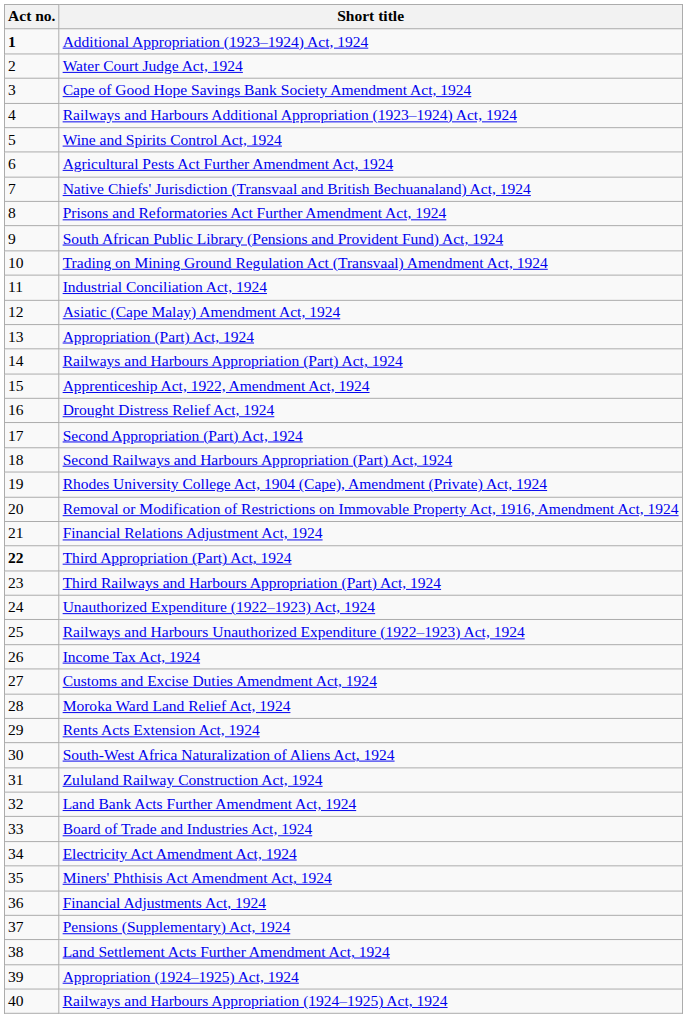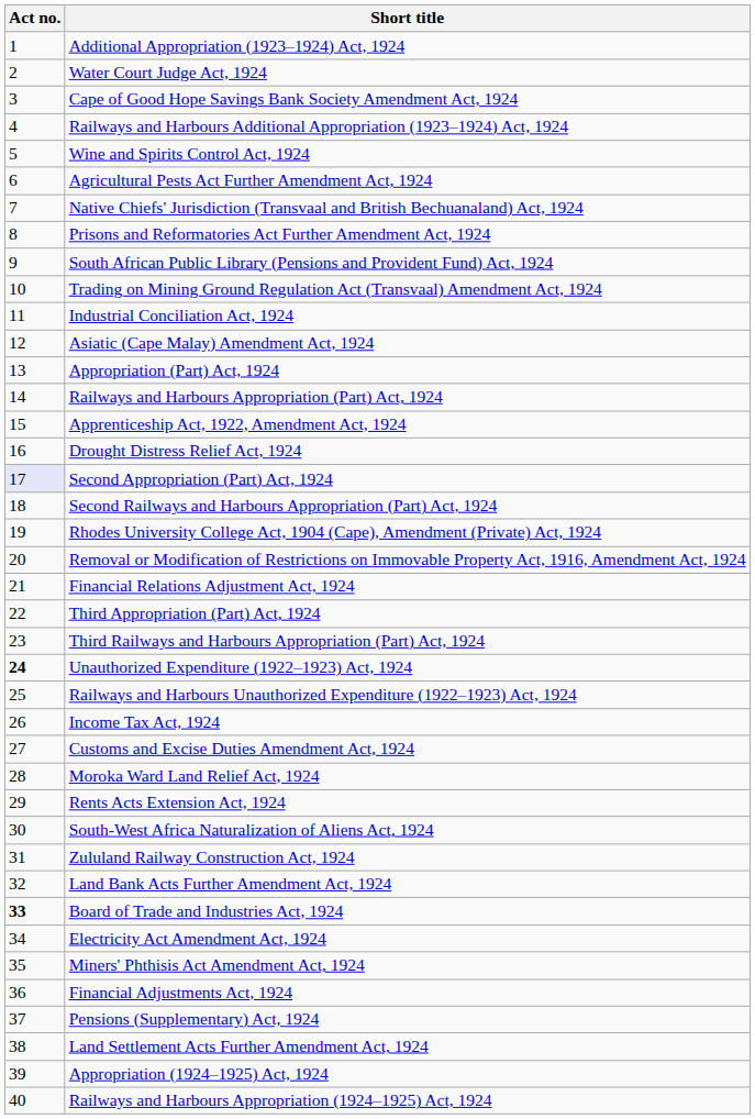 <table class="wikitable sortable">
 <tr>
 <th>Act no.</th>
 <th>Short title</th>
 </tr>
 <tr>
-<td><strong>1</strong></td>
+<td>1</td>
 <td><a href='#'>Additional Appropriation (1923–1924) Act, 1924</a></td>
 </tr>
 <tr>
 <td>2</td>
 <td><a href='#'>Water Court Judge Act, 1924</a></td>
 </tr>
 <tr>
 <td>3</td>
 <td><a href='#'>Cape of Good Hope Savings Bank Society Amendment Act, 1924</a></td>
 </tr>
 <tr>
 <td>4</td>
 <td><a href='#'>Railways and Harbours Additional Appropriation (1923–1924) Act, 1924</a></td>
 </tr>
 <tr>
 <td>5</td>
 <td><a href='#'>Wine and Spirits Control Act, 1924</a></td>
 </tr>
 <tr>
 <td>6</td>
 <td><a href='#'>Agricultural Pests Act Further Amendment Act, 1924</a></td>
 </tr>
 <tr>
 <td>7</td>
 <td><a href='#'>Native Chiefs' Jurisdiction (Transvaal and British Bechuanaland) Act, 1924</a></td>
 </tr>
 <tr>
 <td>8</td>
 <td><a href='#'>Prisons and Reformatories Act Further Amendment Act, 1924</a></td>
 </tr>
 <tr>
 <td>9</td>
 <td><a href='#'>South African Public Library (Pensions and Provident Fund) Act, 1924</a></td>
 </tr>
 <tr>
 <td>10</td>
 <td><a href='#'>Trading on Mining Ground Regulation Act (Transvaal) Amendment Act, 1924</a></td>
 </tr>
 <tr>
 <td>11</td>
 <td><a href='#'>Industrial Conciliation Act, 1924</a></td>
 </tr>
 <tr>
 <td>12</td>
 <td><a href='#'>Asiatic (Cape Malay) Amendment Act, 1924</a></td>
 </tr>
 <tr>
 <td>13</td>
 <td><a href='#'>Appropriation (Part) Act, 1924</a></td>
 </tr>
 <tr>
 <td>14</td>
 <td><a href='#'>Railways and Harbours Appropriation (Part) Act, 1924</a></td>
 </tr>
 <tr>
 <td>15</td>
 <td><a href='#'>Apprenticeship Act, 1922, Amendment Act, 1924</a></td>
 </tr>
 <tr>
 <td>16</td>
 <td><a href='#'>Drought Distress Relief Act, 1924</a></td>
 </tr>
 <tr>
-<td>17</td>
+<td style="background: lavender;">17</td>
 <td><a href='#'>Second Appropriation (Part) Act, 1924</a></td>
 </tr>
 <tr>
 <td>18</td>
 <td><a href='#'>Second Railways and Harbours Appropriation (Part) Act, 1924</a></td>
 </tr>
 <tr>
 <td>19</td>
 <td><a href='#'>Rhodes University College Act, 1904 (Cape), Amendment (Private) Act, 1924</a></td>
 </tr>
 <tr>
 <td>20</td>
 <td><a href='#'>Removal or Modification of Restrictions on Immovable Property Act, 1916, Amendment Act, 1924</a></td>
 </tr>
 <tr>
 <td>21</td>
 <td><a href='#'>Financial Relations Adjustment Act, 1924</a></td>
 </tr>
 <tr>
-<td><strong>22</strong></td>
+<td>22</td>
 <td><a href='#'>Third Appropriation (Part) Act, 1924</a></td>
 </tr>
 <tr>
 <td>23</td>
 <td><a href='#'>Third Railways and Harbours Appropriation (Part) Act, 1924</a></td>
 </tr>
 <tr>
-<td>24</td>
+<td><strong>24</strong></td>
 <td><a href='#'>Unauthorized Expenditure (1922–1923) Act, 1924</a></td>
 </tr>
 <tr>
 <td>25</td>
 <td><a href='#'>Railways and Harbours Unauthorized Expenditure (1922–1923) Act, 1924</a></td>
 </tr>
 <tr>
 <td>26</td>
 <td><a href='#'>Income Tax Act, 1924</a></td>
 </tr>
 <tr>
 <td>27</td>
 <td><a href='#'>Customs and Excise Duties Amendment Act, 1924</a></td>
 </tr>
 <tr>
 <td>28</td>
 <td><a href='#'>Moroka Ward Land Relief Act, 1924</a></td>
 </tr>
 <tr>
 <td>29</td>
 <td><a href='#'>Rents Acts Extension Act, 1924</a></td>
 </tr>
 <tr>
 <td>30</td>
 <td><a href='#'>South-West Africa Naturalization of Aliens Act, 1924</a></td>
 </tr>
 <tr>
 <td>31</td>
 <td><a href='#'>Zululand Railway Construction Act, 1924</a></td>
 </tr>
 <tr>
 <td>32</td>
 <td><a href='#'>Land Bank Acts Further Amendment Act, 1924</a></td>
 </tr>
 <tr>
-<td>33</td>
+<td><strong>33</strong></td>
 <td><a href='#'>Board of Trade and Industries Act, 1924</a></td>
 </tr>
 <tr>
 <td>34</td>
 <td><a href='#'>Electricity Act Amendment Act, 1924</a></td>
 </tr>
 <tr>
 <td>35</td>
 <td><a href='#'>Miners' Phthisis Act Amendment Act, 1924</a></td>
 </tr>
 <tr>
 <td>36</td>
 <td><a href='#'>Financial Adjustments Act, 1924</a></td>
 </tr>
 <tr>
 <td>37</td>
 <td><a href='#'>Pensions (Supplementary) Act, 1924</a></td>
 </tr>
 <tr>
 <td>38</td>
 <td><a href='#'>Land Settlement Acts Further Amendment Act, 1924</a></td>
 </tr>
 <tr>
 <td>39</td>
 <td><a href='#'>Appropriation (1924–1925) Act, 1924</a></td>
 </tr>
 <tr>
 <td>40</td>
 <td><a href='#'>Railways and Harbours Appropriation (1924–1925) Act, 1924</a></td>
 </tr>
 </table>
